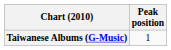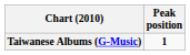 <table class="wikitable plainrowheaders">
 <tr>
 <th>Chart (2010)</th>
 <th>Peak<br>position</th>
 </tr>
 <tr>
 <th scope="row">Taiwanese Albums (<a href='#'>G-Music</a>)</th>
-<td style="text-align:center;">1</td>
+<td style="text-align:center;"><strong>1</strong></td>
 </tr>
 </table>
